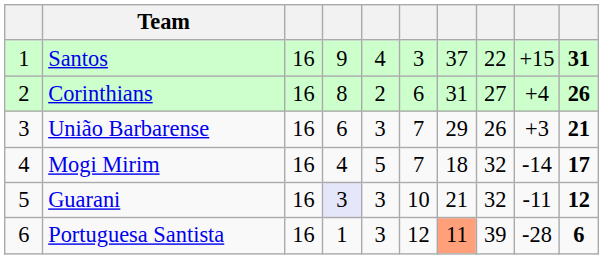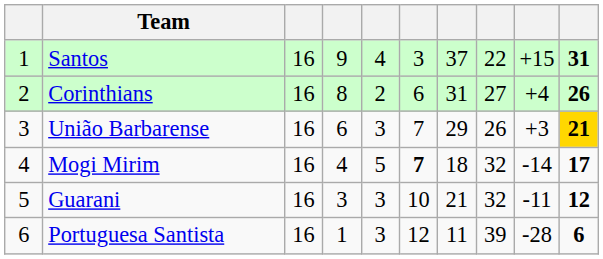 <table class="wikitable" style="text-align: center;">
 <tr>
 <th width=20></th>
 <th width=165>Team</th>
 <th width=20></th>
 <th width=20></th>
 <th width=20></th>
 <th width=20></th>
 <th width=20></th>
 <th width=20></th>
 <th width=20></th>
 <th width=20></th>
 </tr>
 <tr bgcolor="#ccffcc">
 <td>1</td>
 <td align=left><a href='#'>Santos</a></td>
 <td>16</td>
 <td>9</td>
 <td>4</td>
 <td>3</td>
 <td>37</td>
 <td>22</td>
 <td>+15</td>
 <td><strong>31</strong></td>
 </tr>
 <tr bgcolor="#ccffcc">
 <td>2</td>
 <td align=left><a href='#'>Corinthians</a></td>
 <td>16</td>
 <td>8</td>
 <td>2</td>
 <td>6</td>
 <td>31</td>
 <td>27</td>
 <td>+4</td>
 <td><strong>26</strong></td>
 </tr>
 <tr>
 <td>3</td>
 <td align=left><a href='#'>União Barbarense</a></td>
 <td>16</td>
 <td>6</td>
 <td>3</td>
 <td>7</td>
 <td>29</td>
 <td>26</td>
 <td>+3</td>
-<td><strong>21</strong></td>
+<td style="background: gold;"><strong>21</strong></td>
 </tr>
 <tr>
 <td>4</td>
 <td align=left><a href='#'>Mogi Mirim</a></td>
 <td>16</td>
 <td>4</td>
 <td>5</td>
-<td>7</td>
+<td><strong>7</strong></td>
 <td>18</td>
 <td>32</td>
 <td>-14</td>
 <td><strong>17</strong></td>
 </tr>
 <tr>
 <td>5</td>
 <td align=left><a href='#'>Guarani</a></td>
 <td>16</td>
-<td style="background: lavender;">3</td>
+<td>3</td>
 <td>3</td>
 <td>10</td>
 <td>21</td>
 <td>32</td>
 <td>-11</td>
 <td><strong>12</strong></td>
 </tr>
 <tr>
 <td>6</td>
 <td align=left><a href='#'>Portuguesa Santista</a></td>
 <td>16</td>
 <td>1</td>
 <td>3</td>
 <td>12</td>
-<td style="background: lightsalmon;">11</td>
+<td>11</td>
 <td>39</td>
 <td>-28</td>
 <td><strong>6</strong></td>
 </tr>
 </table>
